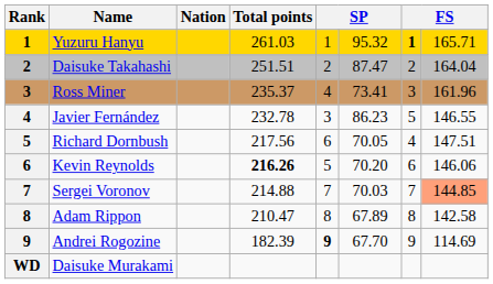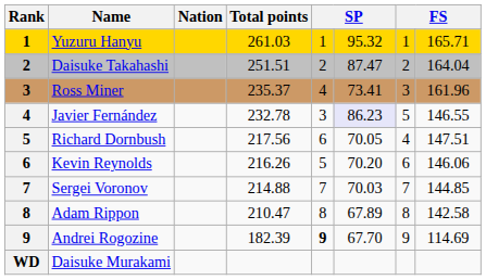 <table class="wikitable sortable">
 <tr>
 <th>Rank</th>
 <th>Name</th>
 <th>Nation</th>
 <th>Total points</th>
 <th colspan="2" width="80px"><a href='#'>SP</a></th>
 <th colspan="2" width="80px"><a href='#'>FS</a></th>
 </tr>
 <tr bgcolor="gold">
 <td align="center"><strong>1</strong></td>
 <td><a href='#'>Yuzuru Hanyu</a></td>
 <td></td>
 <td align="center">261.03</td>
 <td align="center">1</td>
 <td align="center">95.32</td>
-<td align="center"><strong>1</strong></td>
+<td align="center">1</td>
 <td align="center">165.71</td>
 </tr>
 <tr bgcolor="silver">
 <td align="center"><strong>2</strong></td>
 <td><a href='#'>Daisuke Takahashi</a></td>
 <td></td>
 <td align="center">251.51</td>
 <td align="center">2</td>
 <td align="center">87.47</td>
 <td align="center">2</td>
 <td align="center">164.04</td>
 </tr>
 <tr bgcolor="cc9966">
 <td align="center"><strong>3</strong></td>
 <td><a href='#'>Ross Miner</a></td>
 <td></td>
 <td align="center">235.37</td>
 <td align="center">4</td>
 <td align="center">73.41</td>
 <td align="center">3</td>
 <td align="center">161.96</td>
 </tr>
 <tr>
 <th>4</th>
 <td><a href='#'>Javier Fernández</a></td>
 <td></td>
 <td align="center">232.78</td>
 <td align="center">3</td>
-<td align="center">86.23</td>
+<td align="center" style="background: lavender;">86.23</td>
 <td align="center">5</td>
 <td align="center">146.55</td>
 </tr>
 <tr>
 <th>5</th>
 <td><a href='#'>Richard Dornbush</a></td>
 <td></td>
 <td align="center">217.56</td>
 <td align="center">6</td>
 <td align="center">70.05</td>
 <td align="center">4</td>
 <td align="center">147.51</td>
 </tr>
 <tr>
 <th>6</th>
 <td><a href='#'>Kevin Reynolds</a></td>
 <td></td>
-<td align="center"><strong>216.26</strong></td>
+<td align="center">216.26</td>
 <td align="center">5</td>
 <td align="center">70.20</td>
 <td align="center">6</td>
 <td align="center">146.06</td>
 </tr>
 <tr>
 <th>7</th>
 <td><a href='#'>Sergei Voronov</a></td>
 <td></td>
 <td align="center">214.88</td>
 <td align="center">7</td>
 <td align="center">70.03</td>
 <td align="center">7</td>
-<td align="center" style="background: lightsalmon;">144.85</td>
+<td align="center">144.85</td>
 </tr>
 <tr>
 <th>8</th>
 <td><a href='#'>Adam Rippon</a></td>
 <td></td>
 <td align="center">210.47</td>
 <td align="center">8</td>
 <td align="center">67.89</td>
 <td align="center">8</td>
 <td align="center">142.58</td>
 </tr>
 <tr>
 <th>9</th>
 <td><a href='#'>Andrei Rogozine</a></td>
 <td></td>
 <td align="center">182.39</td>
 <td align="center"><strong>9</strong></td>
 <td align="center">67.70</td>
 <td align="center">9</td>
 <td align="center">114.69</td>
 </tr>
 <tr>
 <th>WD</th>
 <td><a href='#'>Daisuke Murakami</a></td>
 <td></td>
 <td align="center"></td>
 <td align="center"></td>
 <td align="center"></td>
 <td align="center"></td>
 <td align="center"></td>
 </tr>
 </table>
